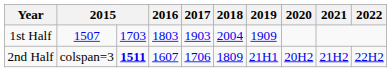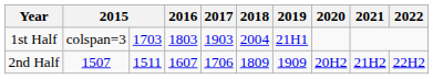 <table class=wikitable style=text-align:center>
 <tr>
 <th>Year</th>
 <th colspan=2>2015</th>
 <th>2016</th>
 <th>2017</th>
 <th>2018</th>
 <th>2019</th>
 <th>2020</th>
 <th>2021</th>
 <th>2022</th>
 </tr>
 <tr>
 <td>1st Half</td>
-<td><a href='#'>1507</a></td>
+<td>colspan=3</td>
 <td><a href='#'>1703</a></td>
 <td><a href='#'>1803</a></td>
 <td><a href='#'>1903</a></td>
 <td><a href='#'>2004</a></td>
-<td><a href='#'>1909</a></td>
+<td><a href='#'>21H1</a></td>
 <td></td>
 </tr>
 <tr>
 <td>2nd Half</td>
-<td>colspan=3</td>
-<td><strong><a href='#'>1511</a></strong></td>
+<td><a href='#'>1507</a></td>
+<td><a href='#'>1511</a></td>
 <td><a href='#'>1607</a></td>
 <td><a href='#'>1706</a></td>
 <td><a href='#'>1809</a></td>
-<td><a href='#'>21H1</a></td>
+<td><a href='#'>1909</a></td>
 <td><a href='#'>20H2</a></td>
 <td><a href='#'>21H2</a></td>
 <td><a href='#'>22H2</a></td>
 </tr>
 </table>
